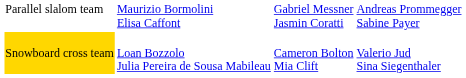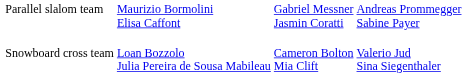 <table>
 <tr>
 <td>Parallel slalom team<br></td>
 <td colspan=2><br><a href='#'>Maurizio Bormolini</a><br><a href='#'>Elisa Caffont</a></td>
 <td colspan=2><br><a href='#'>Gabriel Messner</a><br><a href='#'>Jasmin Coratti</a></td>
 <td colspan=2><br><a href='#'>Andreas Prommegger</a><br><a href='#'>Sabine Payer</a></td>
 </tr>
 <tr>
-<td style="background: gold;">Snowboard cross team<br></td>
+<td>Snowboard cross team<br></td>
 <td colspan=2><br><a href='#'>Loan Bozzolo</a><br><a href='#'>Julia Pereira de Sousa Mabileau</a></td>
 <td colspan=2><br><a href='#'>Cameron Bolton</a><br><a href='#'>Mia Clift</a></td>
 <td colspan=2><br><a href='#'>Valerio Jud</a><br><a href='#'>Sina Siegenthaler</a></td>
 </tr>
 </table>
